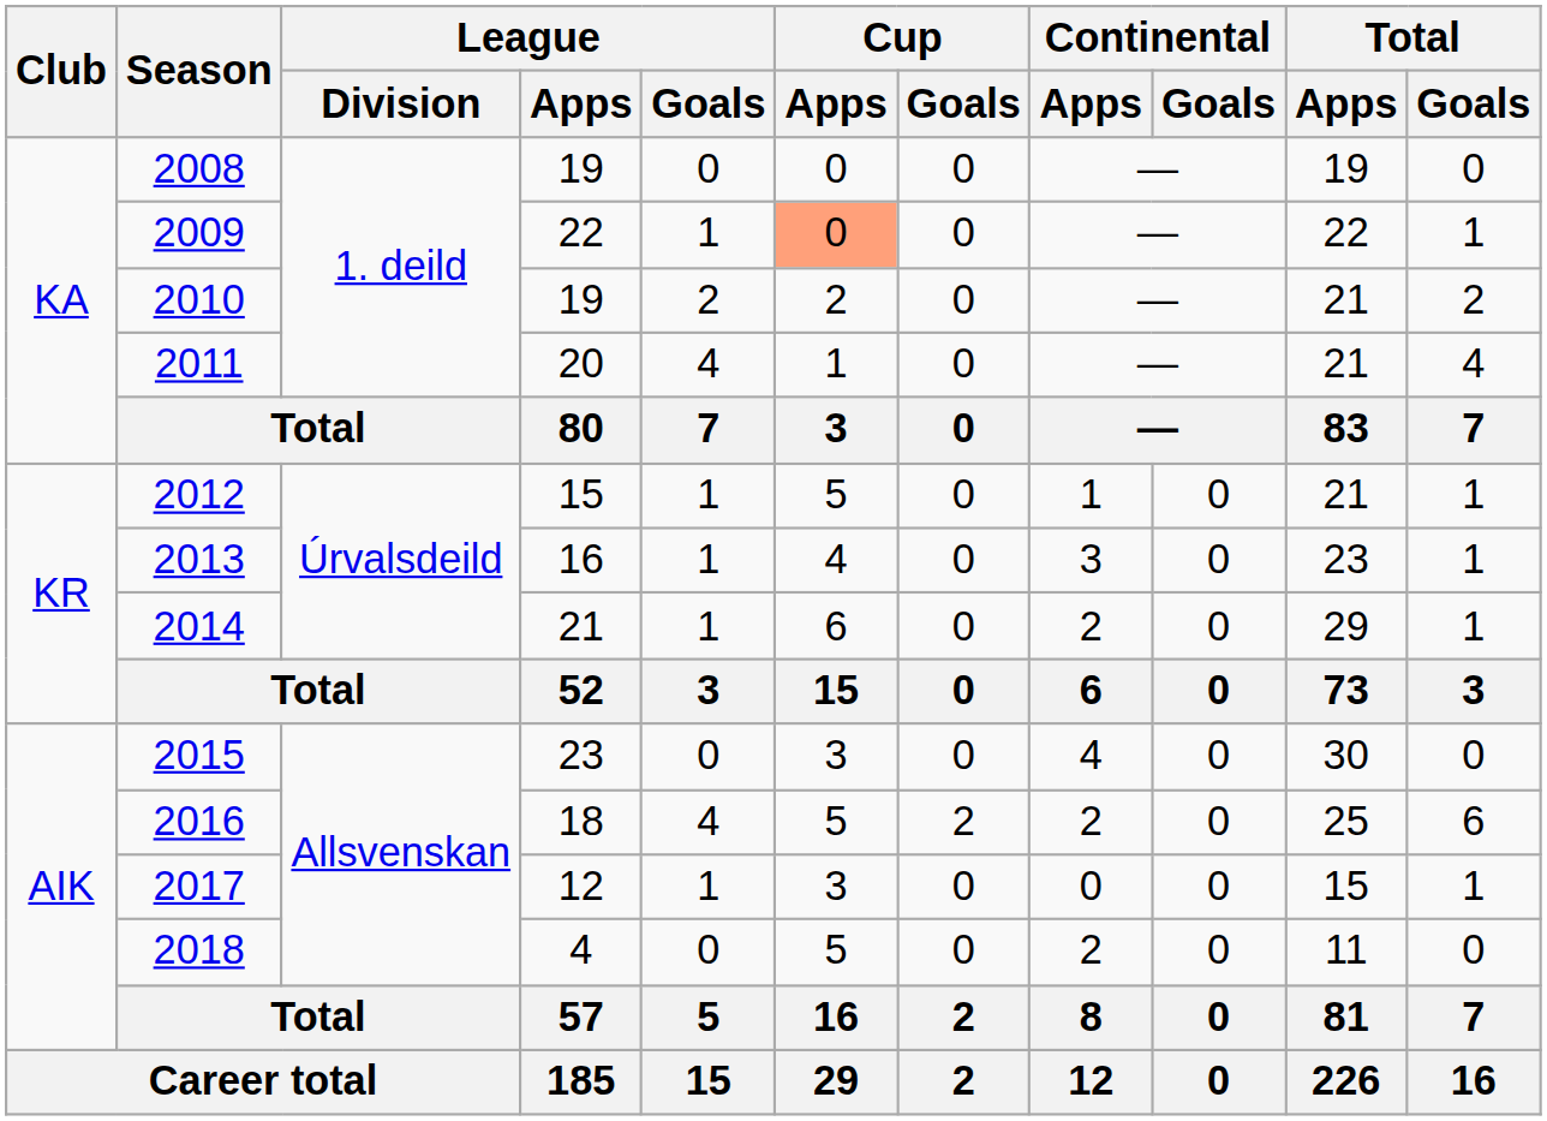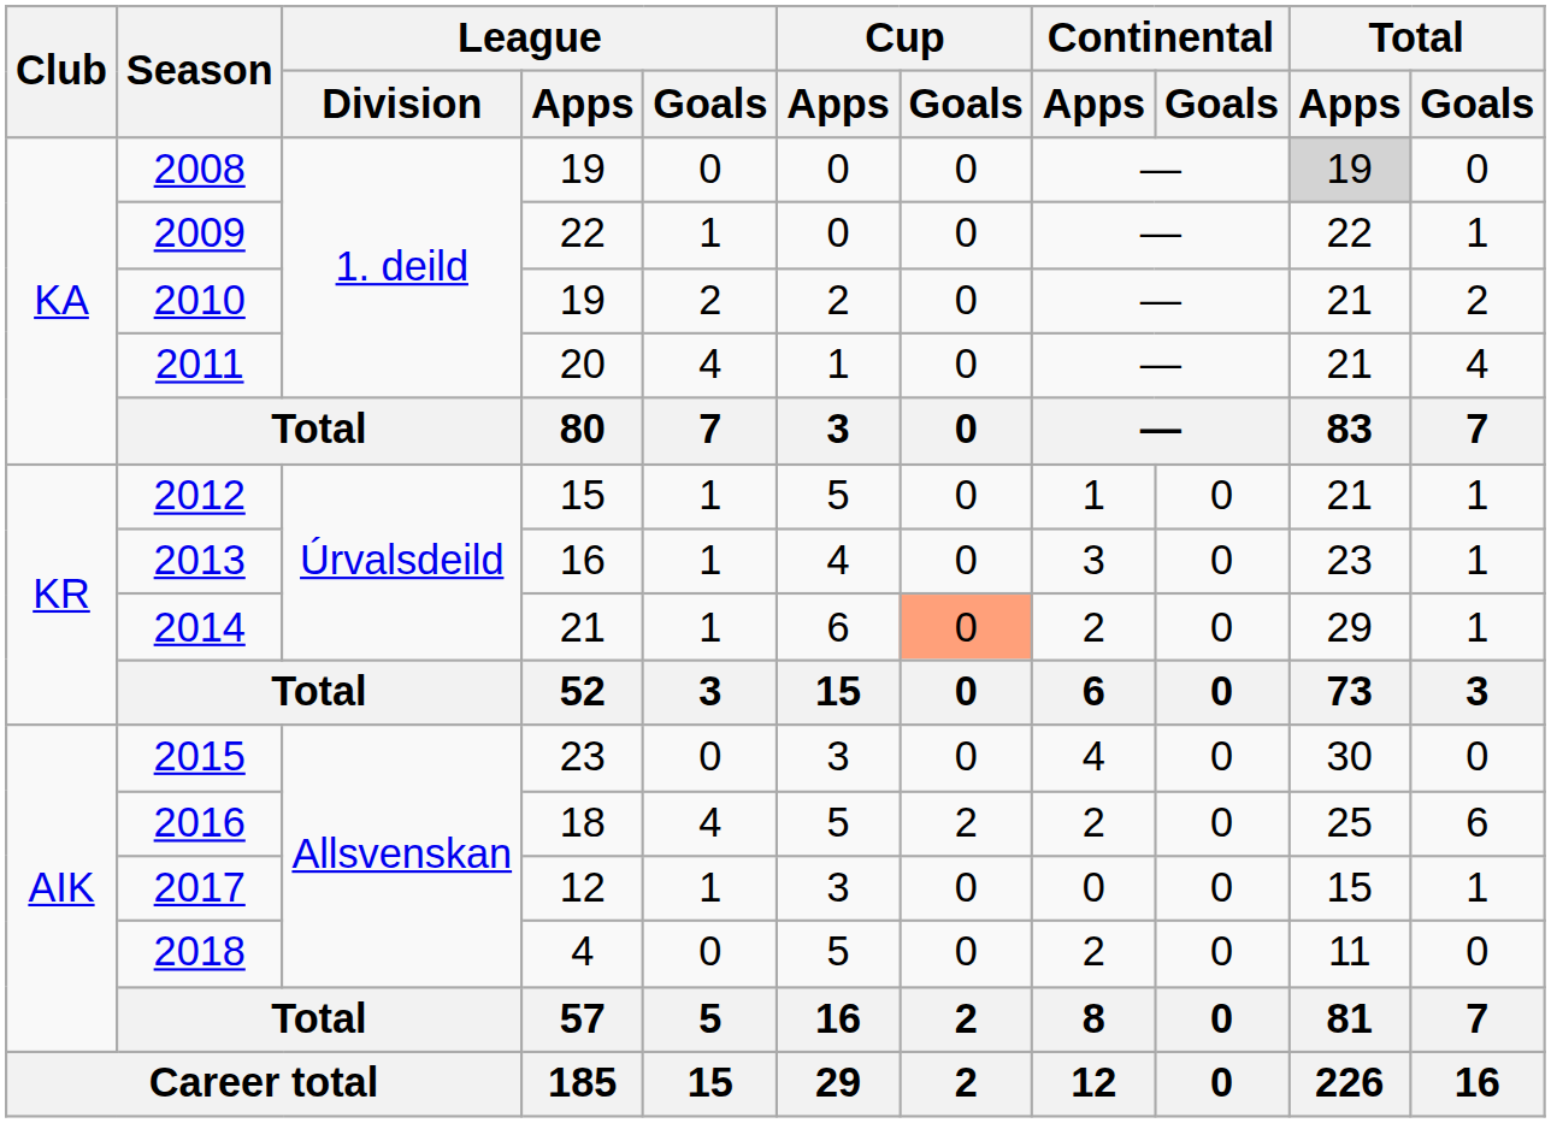 <table class="wikitable" style="text-align: center;">
 <tr>
 <th rowspan="2">Club</th>
 <th rowspan="2">Season</th>
 <th colspan="3">League</th>
 <th colspan="2">Cup</th>
 <th colspan="2">Continental</th>
 <th colspan="2">Total</th>
 </tr>
 <tr>
 <th>Division</th>
 <th>Apps</th>
 <th>Goals</th>
 <th>Apps</th>
 <th>Goals</th>
 <th>Apps</th>
 <th>Goals</th>
 <th>Apps</th>
 <th>Goals</th>
 </tr>
 <tr>
 <td rowspan="5"><a href='#'>KA</a></td>
 <td><a href='#'>2008</a></td>
 <td rowspan="4"><a href='#'>1. deild</a></td>
 <td>19</td>
 <td>0</td>
 <td>0</td>
 <td>0</td>
 <td colspan="2">—</td>
-<td>19</td>
+<td style="background: lightgrey;">19</td>
 <td>0</td>
 </tr>
 <tr>
 <td><a href='#'>2009</a></td>
 <td>22</td>
 <td>1</td>
-<td style="background: lightsalmon;">0</td>
+<td>0</td>
 <td>0</td>
 <td colspan="2">—</td>
 <td>22</td>
 <td>1</td>
 </tr>
 <tr>
 <td><a href='#'>2010</a></td>
 <td>19</td>
 <td>2</td>
 <td>2</td>
 <td>0</td>
 <td colspan="2">—</td>
 <td>21</td>
 <td>2</td>
 </tr>
 <tr>
 <td><a href='#'>2011</a></td>
 <td>20</td>
 <td>4</td>
 <td>1</td>
 <td>0</td>
 <td colspan="2">—</td>
 <td>21</td>
 <td>4</td>
 </tr>
 <tr>
 <th colspan="2">Total</th>
 <th>80</th>
 <th>7</th>
 <th>3</th>
 <th>0</th>
 <th colspan="2">—</th>
 <th>83</th>
 <th>7</th>
 </tr>
 <tr>
 <td rowspan="4"><a href='#'>KR</a></td>
 <td><a href='#'>2012</a></td>
 <td rowspan="3"><a href='#'>Úrvalsdeild</a></td>
 <td>15</td>
 <td>1</td>
 <td>5</td>
 <td>0</td>
 <td>1</td>
 <td>0</td>
 <td>21</td>
 <td>1</td>
 </tr>
 <tr>
 <td><a href='#'>2013</a></td>
 <td>16</td>
 <td>1</td>
 <td>4</td>
 <td>0</td>
 <td>3</td>
 <td>0</td>
 <td>23</td>
 <td>1</td>
 </tr>
 <tr>
 <td><a href='#'>2014</a></td>
 <td>21</td>
 <td>1</td>
 <td>6</td>
-<td>0</td>
+<td style="background: lightsalmon;">0</td>
 <td>2</td>
 <td>0</td>
 <td>29</td>
 <td>1</td>
 </tr>
 <tr>
 <th colspan="2">Total</th>
 <th>52</th>
 <th>3</th>
 <th>15</th>
 <th>0</th>
 <th>6</th>
 <th>0</th>
 <th>73</th>
 <th>3</th>
 </tr>
 <tr>
 <td rowspan="5"><a href='#'>AIK</a></td>
 <td><a href='#'>2015</a></td>
 <td rowspan="4"><a href='#'>Allsvenskan</a></td>
 <td>23</td>
 <td>0</td>
 <td>3</td>
 <td>0</td>
 <td>4</td>
 <td>0</td>
 <td>30</td>
 <td>0</td>
 </tr>
 <tr>
 <td><a href='#'>2016</a></td>
 <td>18</td>
 <td>4</td>
 <td>5</td>
 <td>2</td>
 <td>2</td>
 <td>0</td>
 <td>25</td>
 <td>6</td>
 </tr>
 <tr>
 <td><a href='#'>2017</a></td>
 <td>12</td>
 <td>1</td>
 <td>3</td>
 <td>0</td>
 <td>0</td>
 <td>0</td>
 <td>15</td>
 <td>1</td>
 </tr>
 <tr>
 <td><a href='#'>2018</a></td>
 <td>4</td>
 <td>0</td>
 <td>5</td>
 <td>0</td>
 <td>2</td>
 <td>0</td>
 <td>11</td>
 <td>0</td>
 </tr>
 <tr>
 <th colspan="2">Total</th>
 <th>57</th>
 <th>5</th>
 <th>16</th>
 <th>2</th>
 <th>8</th>
 <th>0</th>
 <th>81</th>
 <th>7</th>
 </tr>
 <tr>
 <th colspan="3">Career total</th>
 <th>185</th>
 <th>15</th>
 <th>29</th>
 <th>2</th>
 <th>12</th>
 <th>0</th>
 <th>226</th>
 <th>16</th>
 </tr>
 </table>
